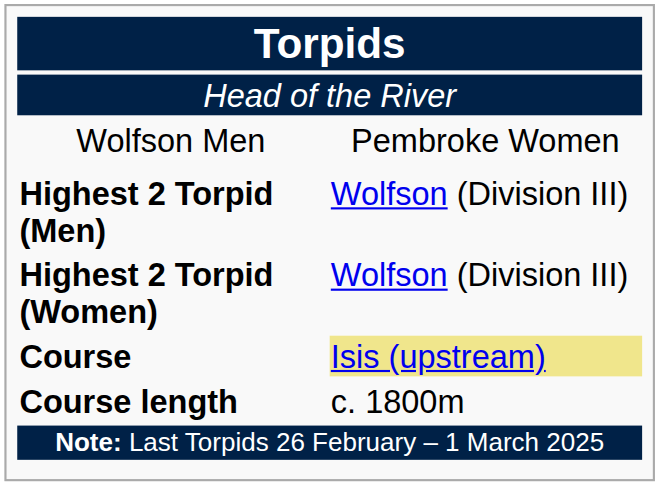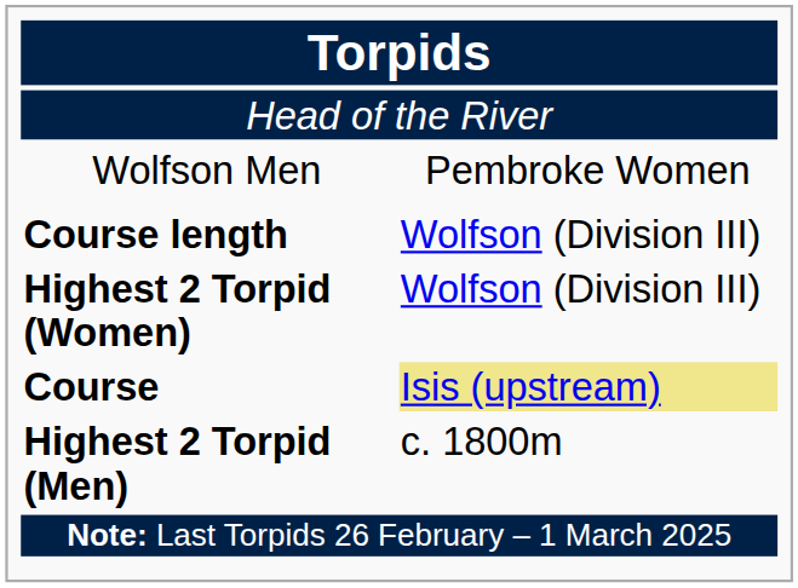 <table class="infobox" style="width: 20em; font-size: 95%;">
 <tr>
 <td colspan="2" style="text-align: center; font-size: 130%;background: #002147;color:white"><strong>Torpids</strong></td>
 </tr>
 <tr>
 <td colspan="2" style="text-align: center; font-size: 100%; background: #002147; color:white "><em>Head of the River</em></td>
 </tr>
 <tr>
 <td style="text-align: center">Wolfson Men</td>
 <td style="text-align: center">Pembroke Women</td>
 </tr>
 <tr>
 <td style="width:25%; vertical-align:middle; text-align:center;"></td>
 <td style="width:25%; vertical-align:middle; text-align:center;"></td>
 </tr>
 <tr>
-<td><strong>Highest 2 Torpid (Men)</strong></td>
+<td><strong>Course length</strong></td>
 <td><a href='#'>Wolfson</a> (Division III)</td>
 </tr>
 <tr>
 <td><strong>Highest 2 Torpid (Women)</strong></td>
 <td><a href='#'>Wolfson</a> (Division III)</td>
 </tr>
 <tr>
 <td><strong>Course</strong></td>
 <td style="background: khaki;"><a href='#'>Isis (upstream)</a></td>
 </tr>
 <tr>
-<td><strong>Course length</strong></td>
+<td><strong>Highest 2 Torpid (Men)</strong></td>
 <td>c. 1800m</td>
 </tr>
 <tr>
 <td colspan="2" style="text-align: center; font-size: 80%; background: #002147; color:white "><strong>Note:</strong> Last Torpids 26 February – 1 March 2025</td>
 </tr>
 <tr>
 <td colspan="2" style="text-align: center"></td>
 </tr>
 </table>
